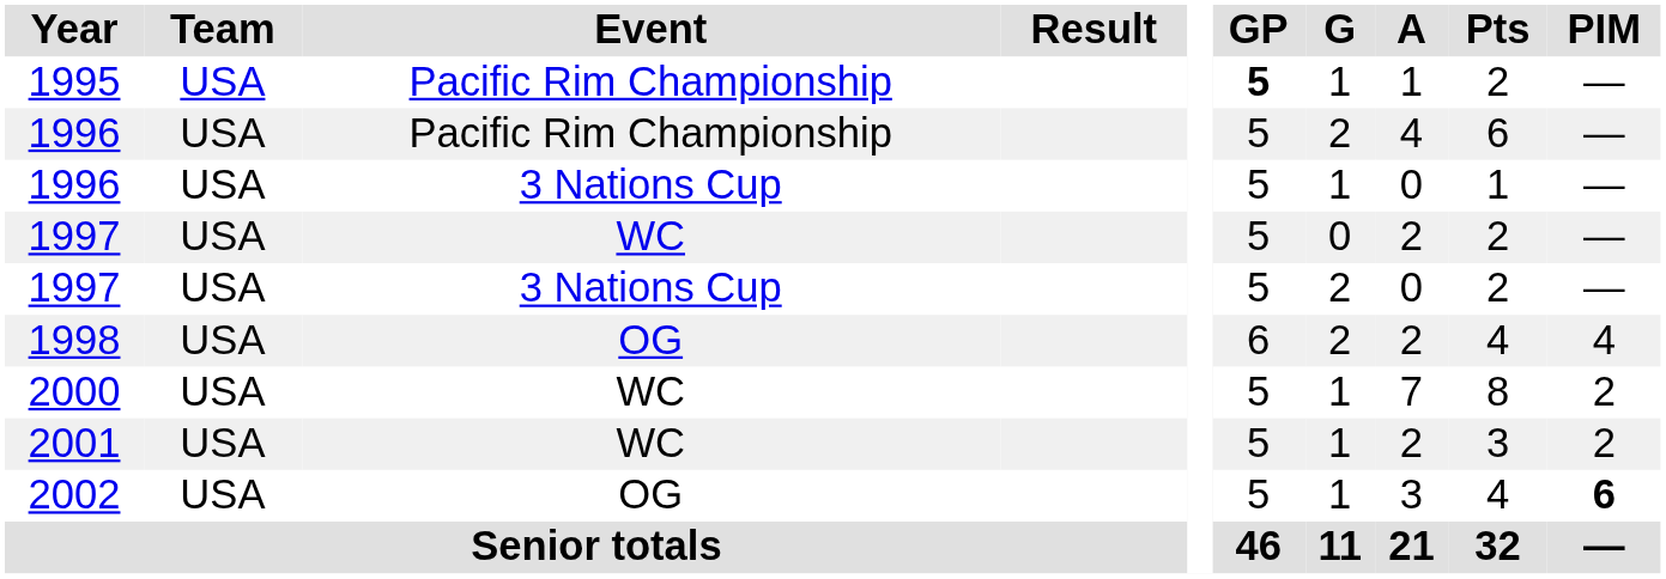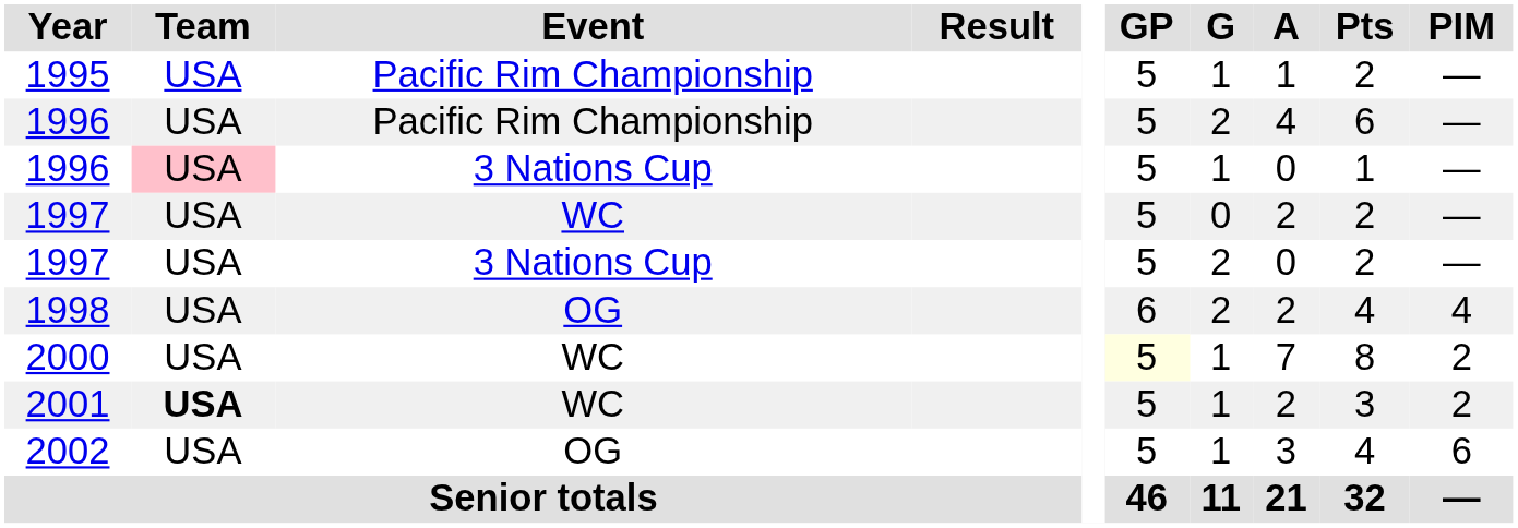 <table border="0" cellpadding="1" cellspacing="0" style="text-align:center; width:40em">
 <tr ALIGN="centre" bgcolor="#e0e0e0">
 <th>Year</th>
 <th>Team</th>
 <th>Event</th>
 <th>Result</th>
 <th rowspan="99" bgcolor="#ffffff"> </th>
 <th>GP</th>
 <th>G</th>
 <th>A</th>
 <th>Pts</th>
 <th>PIM</th>
 </tr>
 <tr>
 <td><a href='#'>1995</a></td>
 <td><a href='#'>USA</a></td>
 <td><a href='#'>Pacific Rim Championship</a></td>
 <td></td>
-<td><strong>5</strong></td>
+<td>5</td>
 <td>1</td>
 <td>1</td>
 <td>2</td>
 <td>—</td>
 </tr>
 <tr style="background:#f0f0f0;">
 <td><a href='#'>1996</a></td>
 <td>USA</td>
 <td>Pacific Rim Championship</td>
 <td></td>
 <td>5</td>
 <td>2</td>
 <td>4</td>
 <td>6</td>
 <td>—</td>
 </tr>
 <tr>
 <td><a href='#'>1996</a></td>
-<td>USA</td>
+<td style="background: pink;">USA</td>
 <td><a href='#'>3 Nations Cup</a></td>
 <td></td>
 <td>5</td>
 <td>1</td>
 <td>0</td>
 <td>1</td>
 <td>—</td>
 </tr>
 <tr style="background:#f0f0f0;">
 <td><a href='#'>1997</a></td>
 <td>USA</td>
 <td><a href='#'>WC</a></td>
 <td></td>
 <td>5</td>
 <td>0</td>
 <td>2</td>
 <td>2</td>
 <td>—</td>
 </tr>
 <tr>
 <td><a href='#'>1997</a></td>
 <td>USA</td>
 <td><a href='#'>3 Nations Cup</a></td>
 <td></td>
 <td>5</td>
 <td>2</td>
 <td>0</td>
 <td>2</td>
 <td>—</td>
 </tr>
 <tr style="background:#f0f0f0;">
 <td><a href='#'>1998</a></td>
 <td>USA</td>
 <td><a href='#'>OG</a></td>
 <td></td>
 <td>6</td>
 <td>2</td>
 <td>2</td>
 <td>4</td>
 <td>4</td>
 </tr>
 <tr>
 <td><a href='#'>2000</a></td>
 <td>USA</td>
 <td>WC</td>
 <td></td>
-<td>5</td>
+<td style="background: lightyellow;">5</td>
 <td>1</td>
 <td>7</td>
 <td>8</td>
 <td>2</td>
 </tr>
 <tr style="background:#f0f0f0;">
 <td><a href='#'>2001</a></td>
-<td>USA</td>
+<td><strong>USA</strong></td>
 <td>WC</td>
 <td></td>
 <td>5</td>
 <td>1</td>
 <td>2</td>
 <td>3</td>
 <td>2</td>
 </tr>
 <tr>
 <td><a href='#'>2002</a></td>
 <td>USA</td>
 <td>OG</td>
 <td></td>
 <td>5</td>
 <td>1</td>
 <td>3</td>
 <td>4</td>
-<td><strong>6</strong></td>
+<td>6</td>
 </tr>
 <tr style="background:#e0e0e0;">
 <th colspan=4>Senior totals</th>
 <th>46</th>
 <th>11</th>
 <th>21</th>
 <th>32</th>
 <th>—</th>
 </tr>
 </table>
